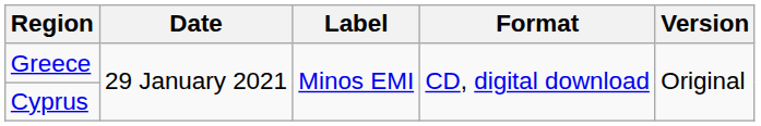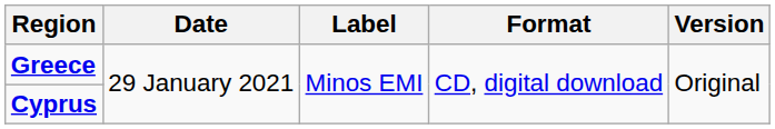 <table class="sortable wikitable">
 <tr>
 <th>Region</th>
 <th>Date</th>
 <th>Label</th>
 <th>Format</th>
 <th>Version</th>
 </tr>
 <tr>
-<td><a href='#'>Greece</a></td>
+<td><strong><a href='#'>Greece</a></strong></td>
 <td rowspan="2">29 January 2021</td>
 <td rowspan="4"><a href='#'>Minos EMI</a></td>
 <td rowspan="4"><a href='#'>CD</a>, <a href='#'>digital download</a></td>
 <td rowspan="2">Original</td>
 </tr>
 <tr>
-<td><a href='#'>Cyprus</a></td>
+<td><strong><a href='#'>Cyprus</a></strong></td>
 </tr>
 </table>
